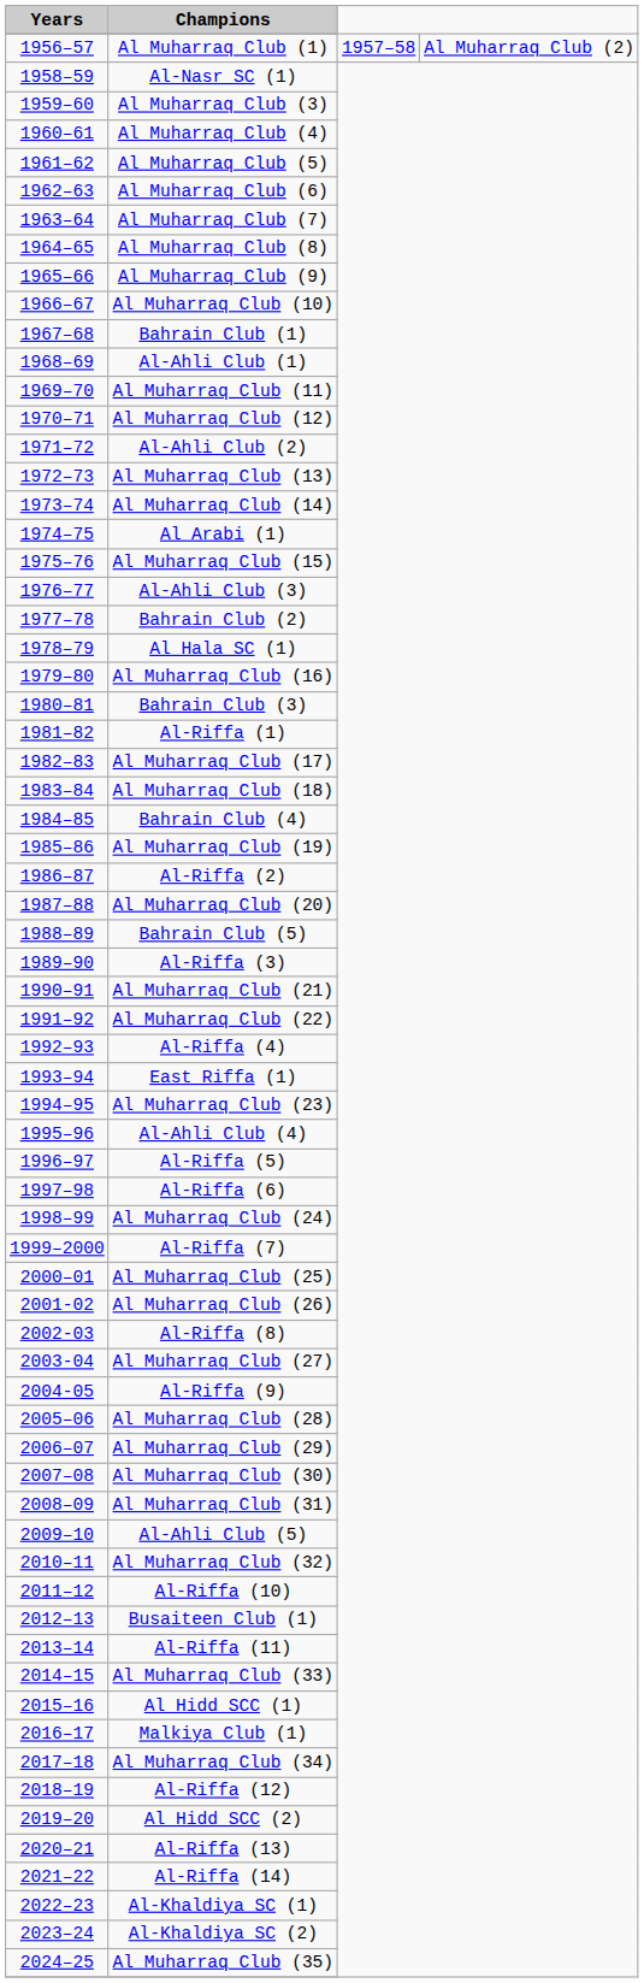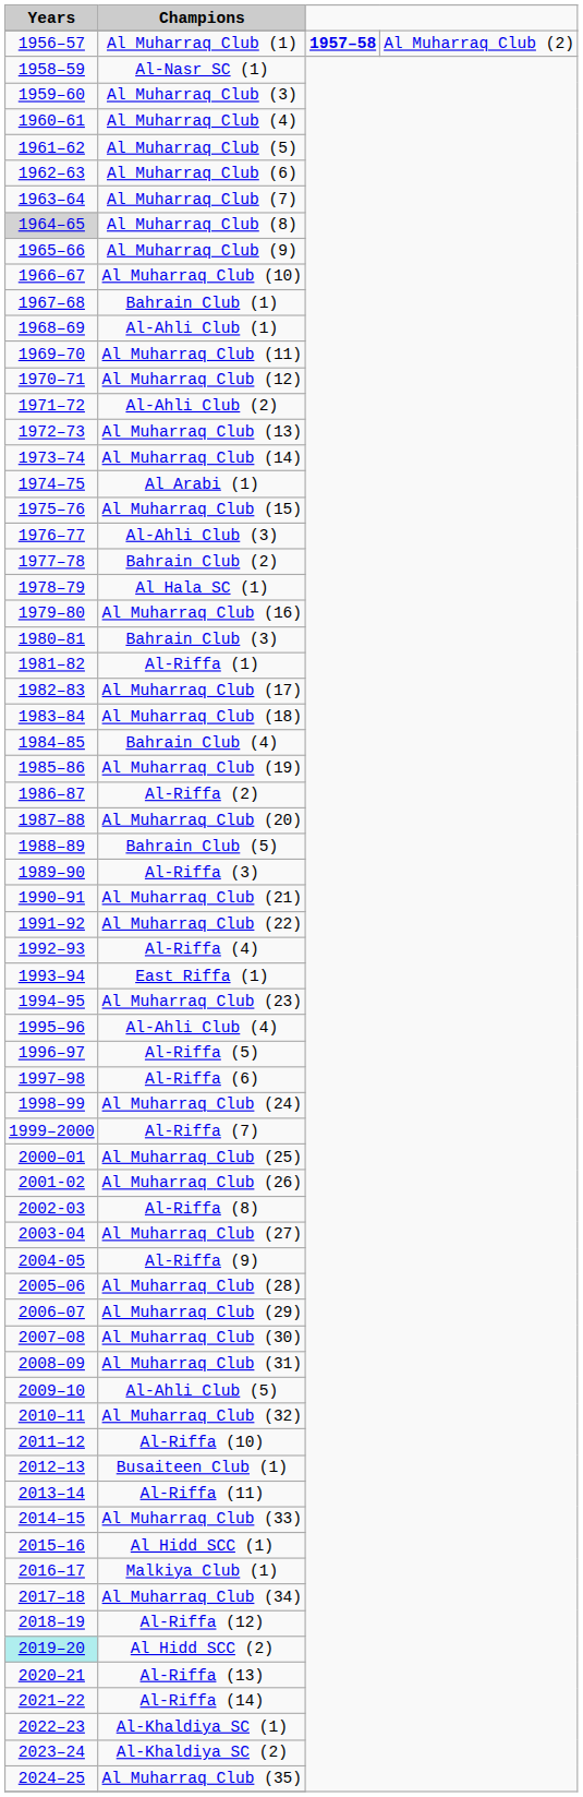 <table class="wikitable" style="text-align: center;">
 <tr bgcolor="#CCCCCC">
 <td><strong>Years</strong></td>
 <td><strong>Champions</strong></td>
 </tr>
 <tr bgcolor="#EFEFEF">
 </tr>
 <tr>
 <td><a href='#'>1956–57</a></td>
 <td><a href='#'>Al Muharraq Club</a> (1)</td>
-<td><a href='#'>1957–58</a></td>
+<td><strong><a href='#'>1957–58</a></strong></td>
 <td><a href='#'>Al Muharraq Club</a> (2)</td>
 </tr>
 <tr>
 <td><a href='#'>1958–59</a></td>
 <td><a href='#'>Al-Nasr SC</a> (1)</td>
 </tr>
 <tr>
 <td><a href='#'>1959–60</a></td>
 <td><a href='#'>Al Muharraq Club</a> (3)</td>
 </tr>
 <tr>
 <td><a href='#'>1960–61</a></td>
 <td><a href='#'>Al Muharraq Club</a> (4)</td>
 </tr>
 <tr>
 <td><a href='#'>1961–62</a></td>
 <td><a href='#'>Al Muharraq Club</a> (5)</td>
 </tr>
 <tr>
 <td><a href='#'>1962–63</a></td>
 <td><a href='#'>Al Muharraq Club</a> (6)</td>
 </tr>
 <tr>
 <td><a href='#'>1963–64</a></td>
 <td><a href='#'>Al Muharraq Club</a> (7)</td>
 </tr>
 <tr>
-<td><a href='#'>1964–65</a></td>
+<td style="background: lightgrey;"><a href='#'>1964–65</a></td>
 <td><a href='#'>Al Muharraq Club</a> (8)</td>
 </tr>
 <tr>
 <td><a href='#'>1965–66</a></td>
 <td><a href='#'>Al Muharraq Club</a> (9)</td>
 </tr>
 <tr>
 <td><a href='#'>1966–67</a></td>
 <td><a href='#'>Al Muharraq Club</a> (10)</td>
 </tr>
 <tr>
 <td><a href='#'>1967–68</a></td>
 <td><a href='#'>Bahrain Club</a> (1)</td>
 </tr>
 <tr>
 <td><a href='#'>1968–69</a></td>
 <td><a href='#'>Al-Ahli Club</a> (1)</td>
 </tr>
 <tr>
 <td><a href='#'>1969–70</a></td>
 <td><a href='#'>Al Muharraq Club</a> (11)</td>
 </tr>
 <tr>
 <td><a href='#'>1970–71</a></td>
 <td><a href='#'>Al Muharraq Club</a> (12)</td>
 </tr>
 <tr>
 <td><a href='#'>1971–72</a></td>
 <td><a href='#'>Al-Ahli Club</a> (2)</td>
 </tr>
 <tr>
 <td><a href='#'>1972–73</a></td>
 <td><a href='#'>Al Muharraq Club</a> (13)</td>
 </tr>
 <tr>
 <td><a href='#'>1973–74</a></td>
 <td><a href='#'>Al Muharraq Club</a> (14)</td>
 </tr>
 <tr>
 <td><a href='#'>1974–75</a></td>
 <td><a href='#'>Al Arabi</a> (1)</td>
 </tr>
 <tr>
 <td><a href='#'>1975–76</a></td>
 <td><a href='#'>Al Muharraq Club</a> (15)</td>
 </tr>
 <tr>
 <td><a href='#'>1976–77</a></td>
 <td><a href='#'>Al-Ahli Club</a> (3)</td>
 </tr>
 <tr>
 <td><a href='#'>1977–78</a></td>
 <td><a href='#'>Bahrain Club</a> (2)</td>
 </tr>
 <tr>
 <td><a href='#'>1978–79</a></td>
 <td><a href='#'>Al Hala SC</a> (1)</td>
 </tr>
 <tr>
 <td><a href='#'>1979–80</a></td>
 <td><a href='#'>Al Muharraq Club</a> (16)</td>
 </tr>
 <tr>
 <td><a href='#'>1980–81</a></td>
 <td><a href='#'>Bahrain Club</a> (3)</td>
 </tr>
 <tr>
 <td><a href='#'>1981–82</a></td>
 <td><a href='#'>Al-Riffa</a> (1)</td>
 </tr>
 <tr>
 <td><a href='#'>1982–83</a></td>
 <td><a href='#'>Al Muharraq Club</a> (17)</td>
 </tr>
 <tr>
 <td><a href='#'>1983–84</a></td>
 <td><a href='#'>Al Muharraq Club</a> (18)</td>
 </tr>
 <tr>
 <td><a href='#'>1984–85</a></td>
 <td><a href='#'>Bahrain Club</a> (4)</td>
 </tr>
 <tr>
 <td><a href='#'>1985–86</a></td>
 <td><a href='#'>Al Muharraq Club</a> (19)</td>
 </tr>
 <tr>
 <td><a href='#'>1986–87</a></td>
 <td><a href='#'>Al-Riffa</a> (2)</td>
 </tr>
 <tr>
 <td><a href='#'>1987–88</a></td>
 <td><a href='#'>Al Muharraq Club</a> (20)</td>
 </tr>
 <tr>
 <td><a href='#'>1988–89</a></td>
 <td><a href='#'>Bahrain Club</a> (5)</td>
 </tr>
 <tr>
 <td><a href='#'>1989–90</a></td>
 <td><a href='#'>Al-Riffa</a> (3)</td>
 </tr>
 <tr>
 <td><a href='#'>1990–91</a></td>
 <td><a href='#'>Al Muharraq Club</a> (21)</td>
 </tr>
 <tr>
 <td><a href='#'>1991–92</a></td>
 <td><a href='#'>Al Muharraq Club</a> (22)</td>
 </tr>
 <tr>
 <td><a href='#'>1992–93</a></td>
 <td><a href='#'>Al-Riffa</a> (4)</td>
 </tr>
 <tr>
 <td><a href='#'>1993–94</a></td>
 <td><a href='#'>East Riffa</a> (1)</td>
 </tr>
 <tr>
 <td><a href='#'>1994–95</a></td>
 <td><a href='#'>Al Muharraq Club</a> (23)</td>
 </tr>
 <tr>
 <td><a href='#'>1995–96</a></td>
 <td><a href='#'>Al-Ahli Club</a> (4)</td>
 </tr>
 <tr>
 <td><a href='#'>1996–97</a></td>
 <td><a href='#'>Al-Riffa</a> (5)</td>
 </tr>
 <tr>
 <td><a href='#'>1997–98</a></td>
 <td><a href='#'>Al-Riffa</a> (6)</td>
 </tr>
 <tr>
 <td><a href='#'>1998–99</a></td>
 <td><a href='#'>Al Muharraq Club</a> (24)</td>
 </tr>
 <tr>
 <td><a href='#'>1999–2000</a></td>
 <td><a href='#'>Al-Riffa</a> (7)</td>
 </tr>
 <tr>
 <td><a href='#'>2000–01</a></td>
 <td><a href='#'>Al Muharraq Club</a> (25)</td>
 </tr>
 <tr>
 <td><a href='#'>2001-02</a></td>
 <td><a href='#'>Al Muharraq Club</a> (26)</td>
 </tr>
 <tr>
 <td><a href='#'>2002-03</a></td>
 <td><a href='#'>Al-Riffa</a> (8)</td>
 </tr>
 <tr>
 <td><a href='#'>2003-04</a></td>
 <td><a href='#'>Al Muharraq Club</a> (27)</td>
 </tr>
 <tr>
 <td><a href='#'>2004-05</a></td>
 <td><a href='#'>Al-Riffa</a> (9)</td>
 </tr>
 <tr>
 <td><a href='#'>2005–06</a></td>
 <td><a href='#'>Al Muharraq Club</a> (28)</td>
 </tr>
 <tr>
 <td><a href='#'>2006–07</a></td>
 <td><a href='#'>Al Muharraq Club</a> (29)</td>
 </tr>
 <tr>
 <td><a href='#'>2007–08</a></td>
 <td><a href='#'>Al Muharraq Club</a> (30)</td>
 </tr>
 <tr>
 <td><a href='#'>2008–09</a></td>
 <td><a href='#'>Al Muharraq Club</a> (31)</td>
 </tr>
 <tr>
 <td><a href='#'>2009–10</a></td>
 <td><a href='#'>Al-Ahli Club</a> (5)</td>
 </tr>
 <tr>
 <td><a href='#'>2010–11</a></td>
 <td><a href='#'>Al Muharraq Club</a> (32)</td>
 </tr>
 <tr>
 <td><a href='#'>2011–12</a></td>
 <td><a href='#'>Al-Riffa</a> (10)</td>
 </tr>
 <tr>
 <td><a href='#'>2012–13</a></td>
 <td><a href='#'>Busaiteen Club</a> (1)</td>
 </tr>
 <tr>
 <td><a href='#'>2013–14</a></td>
 <td><a href='#'>Al-Riffa</a> (11)</td>
 </tr>
 <tr>
 <td><a href='#'>2014–15</a></td>
 <td><a href='#'>Al Muharraq Club</a> (33)</td>
 </tr>
 <tr>
 <td><a href='#'>2015–16</a></td>
 <td><a href='#'>Al Hidd SCC</a> (1)</td>
 </tr>
 <tr>
 <td><a href='#'>2016–17</a></td>
 <td><a href='#'>Malkiya Club</a> (1)</td>
 </tr>
 <tr>
 <td><a href='#'>2017–18</a></td>
 <td><a href='#'>Al Muharraq Club</a> (34)</td>
 </tr>
 <tr>
 <td><a href='#'>2018–19</a></td>
 <td><a href='#'>Al-Riffa</a> (12)</td>
 </tr>
 <tr>
-<td><a href='#'>2019–20</a></td>
+<td style="background: paleturquoise;"><a href='#'>2019–20</a></td>
 <td><a href='#'>Al Hidd SCC</a> (2)</td>
 </tr>
 <tr>
 <td><a href='#'>2020–21</a></td>
 <td><a href='#'>Al-Riffa</a> (13)</td>
 </tr>
 <tr>
 <td><a href='#'>2021–22</a></td>
 <td><a href='#'>Al-Riffa</a> (14)</td>
 </tr>
 <tr>
 <td><a href='#'>2022–23</a></td>
 <td><a href='#'>Al-Khaldiya SC</a> (1)</td>
 </tr>
 <tr>
 <td><a href='#'>2023–24</a></td>
 <td><a href='#'>Al-Khaldiya SC</a> (2)</td>
 </tr>
 <tr>
 <td><a href='#'>2024–25</a></td>
 <td><a href='#'>Al Muharraq Club</a> (35)</td>
 </tr>
 <tr>
 </tr>
 </table>
